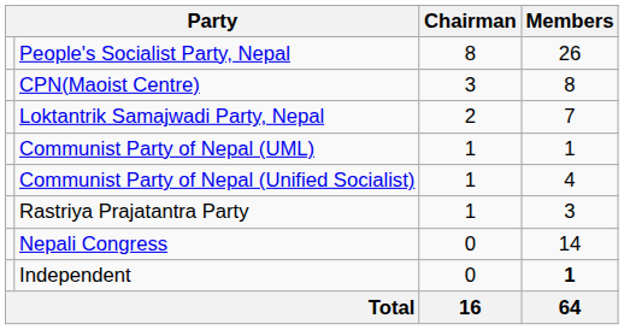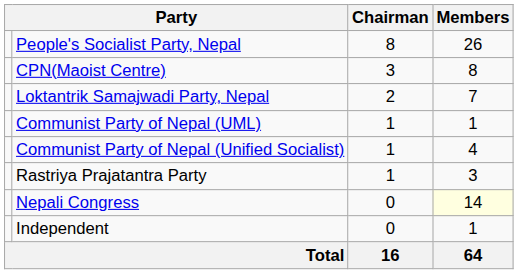 <table class="wikitable sortable">
 <tr>
 <th colspan="2" style="text-align:centre;">Party</th>
 <th>Chairman</th>
 <th>Members</th>
 </tr>
 <tr>
 <td style="background-color:"></td>
 <td style="text-align:left;"><a href='#'>People's Socialist Party, Nepal</a></td>
 <td style="text-align:center;">8</td>
 <td style="text-align:center;">26</td>
 </tr>
 <tr>
 <td style="background-color:"></td>
 <td style="text-align:left;"><a href='#'>CPN(Maoist Centre)</a></td>
 <td style="text-align:center;">3</td>
 <td style="text-align:center;">8</td>
 </tr>
 <tr>
 <td style="background-color:"></td>
 <td style="text-align:left;"><a href='#'>Loktantrik Samajwadi Party, Nepal</a></td>
 <td style="text-align:center;">2</td>
 <td style="text-align:center;">7</td>
 </tr>
 <tr>
 <td style="background-color:"></td>
 <td style="text-align:left;"><a href='#'>Communist Party of Nepal (UML)</a></td>
 <td style="text-align:center;">1</td>
 <td style="text-align:center;">1</td>
 </tr>
 <tr>
 <td style="background-color:"></td>
 <td style="text-align:left;"><a href='#'>Communist Party of Nepal (Unified Socialist)</a></td>
 <td style="text-align:center;">1</td>
 <td style="text-align:center;">4</td>
 </tr>
 <tr>
 <td style="background-color:"></td>
 <td style="text-align:left;">Rastriya Prajatantra Party</td>
 <td style="text-align:center;">1</td>
 <td style="text-align:center;">3</td>
 </tr>
 <tr>
 <td style="background-color:"></td>
 <td style="text-align:left;"><a href='#'>Nepali Congress</a></td>
 <td style="text-align:center;">0</td>
-<td style="text-align:center;">14</td>
+<td style="background: lightyellow; text-align:center;">14</td>
 </tr>
 <tr>
 <td style="background-color:"></td>
 <td style="text-align:left;">Independent</td>
 <td style="text-align:center;">0</td>
-<td style="text-align:center;"><strong>1</strong></td>
+<td style="text-align:center;">1</td>
 </tr>
 <tr>
 <th colspan="2" style="text-align:right;">Total</th>
 <th>16</th>
 <th>64</th>
 </tr>
 </table>
